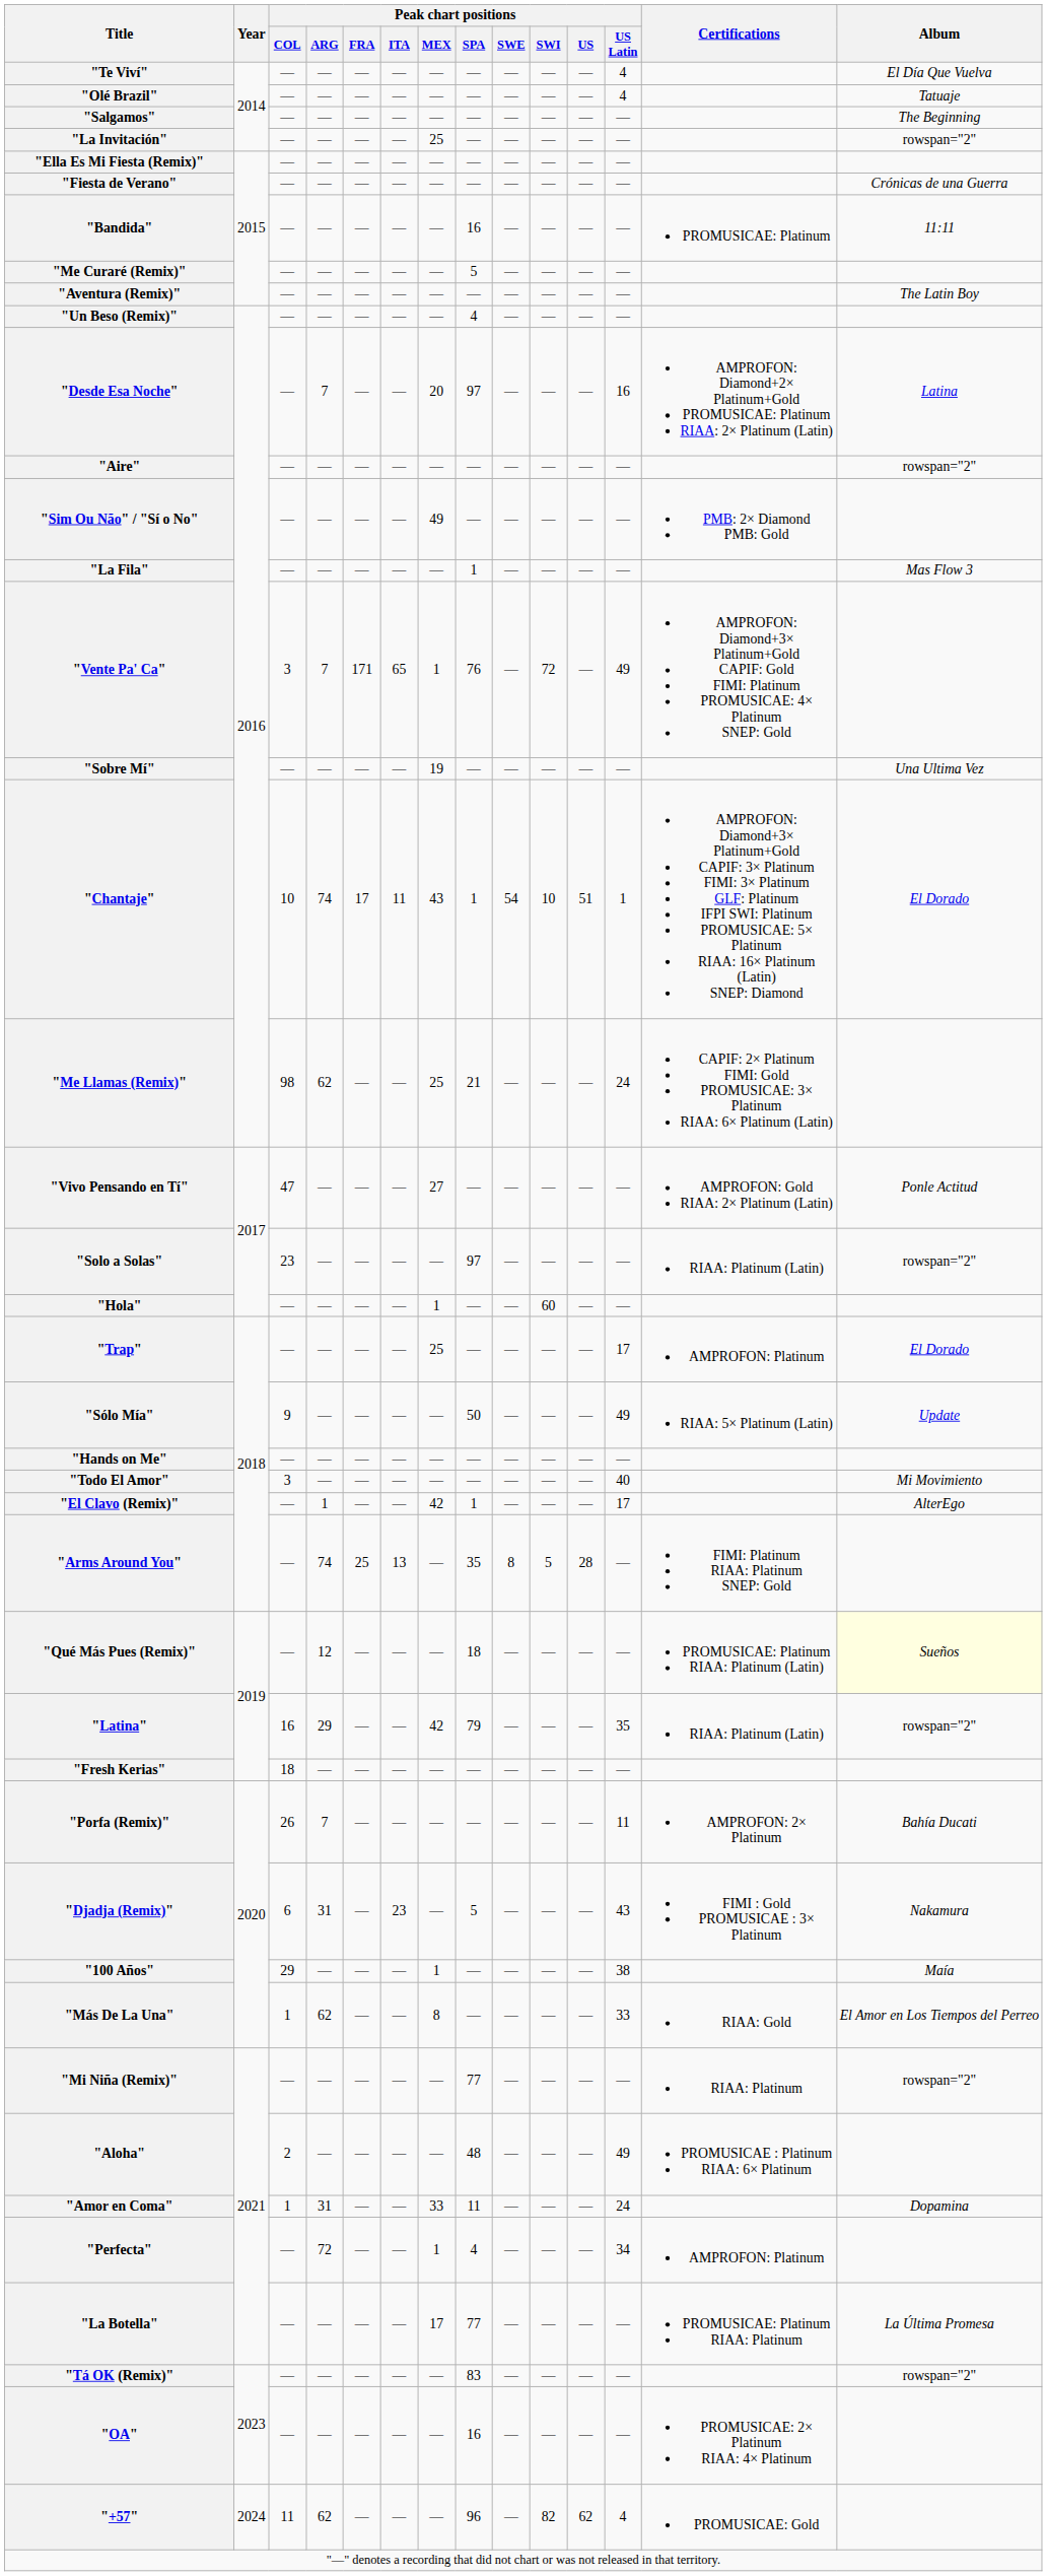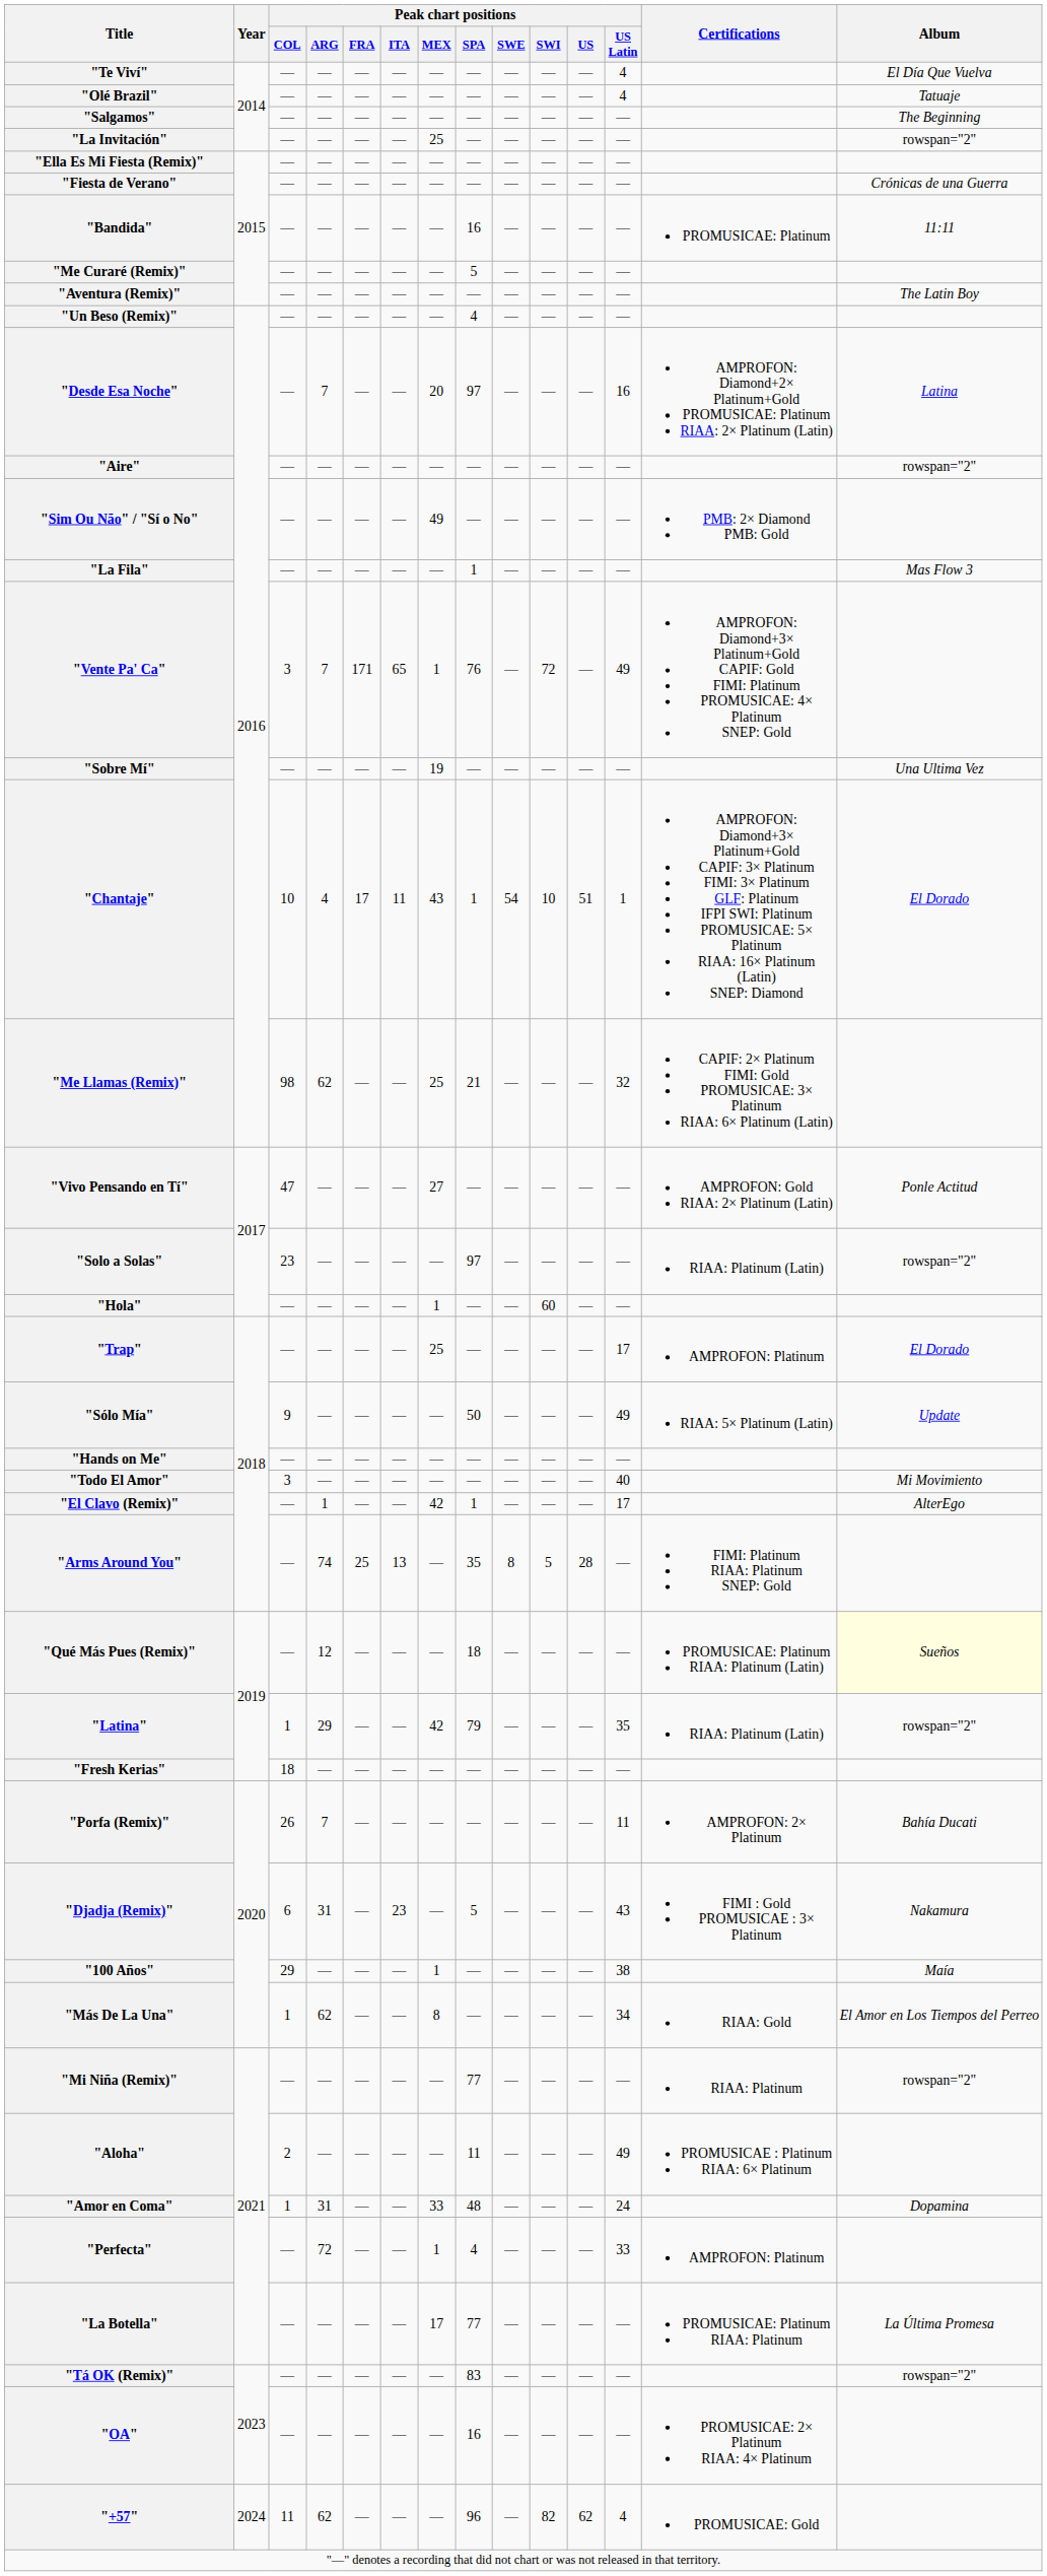 <table class="wikitable plainrowheaders" style="text-align:center;">
 <tr>
 <th scope="col" rowspan="2" style="width:16em;">Title</th>
 <th scope="col" rowspan="2">Year</th>
 <th scope="col" colspan="10">Peak chart positions</th>
 <th scope="col" rowspan="2" style="width:13.5em;"><a href='#'>Certifications</a></th>
 <th scope="col" rowspan="2">Album</th>
 </tr>
 <tr>
 <th scope="col" style="width:2.5em;font-size:90%;"><a href='#'>COL</a><br></th>
 <th scope="col" style="width:2.5em;font-size:90%;"><a href='#'>ARG</a><br></th>
 <th scope="col" style="width:2.5em;font-size:90%;"><a href='#'>FRA</a><br></th>
 <th scope="col" style="width:2.5em;font-size:90%;"><a href='#'>ITA</a> <br></th>
 <th scope="col" style="width:2.5em;font-size:90%;"><a href='#'>MEX</a><br></th>
 <th scope="col" style="width:2.5em;font-size:90%;"><a href='#'>SPA</a><br></th>
 <th scope="col" style="width:2.5em;font-size:90%;"><a href='#'>SWE</a><br></th>
 <th scope="col" style="width:2.5em;font-size:90%;"><a href='#'>SWI</a><br></th>
 <th scope="col" style="width:2.5em;font-size:90%;"><a href='#'>US</a><br></th>
 <th scope="col" style="width:2.5em;font-size:90%;"><a href='#'>US<br>Latin</a><br></th>
 </tr>
 <tr>
 <th scope="row">"Te Viví"<br></th>
 <td rowspan="4">2014</td>
 <td>—</td>
 <td>—</td>
 <td>—</td>
 <td>—</td>
 <td>—</td>
 <td>—</td>
 <td>—</td>
 <td>—</td>
 <td>—</td>
 <td>4</td>
 <td></td>
 <td><em>El Día Que Vuelva</em></td>
 </tr>
 <tr>
 <th scope="row">"Olé Brazil"<br></th>
 <td>—</td>
 <td>—</td>
 <td>—</td>
 <td>—</td>
 <td>—</td>
 <td>—</td>
 <td>—</td>
 <td>—</td>
 <td>—</td>
 <td>4</td>
 <td></td>
 <td><em>Tatuaje</em></td>
 </tr>
 <tr>
 <th scope="row">"Salgamos"<br></th>
 <td>—</td>
 <td>—</td>
 <td>—</td>
 <td>—</td>
 <td>—</td>
 <td>—</td>
 <td>—</td>
 <td>—</td>
 <td>—</td>
 <td>—</td>
 <td></td>
 <td><em>The Beginning</em></td>
 </tr>
 <tr>
 <th scope="row">"La Invitación"<br></th>
 <td>—</td>
 <td>—</td>
 <td>—</td>
 <td>—</td>
 <td>25</td>
 <td>—</td>
 <td>—</td>
 <td>—</td>
 <td>—</td>
 <td>—</td>
 <td></td>
 <td>rowspan="2" </td>
 </tr>
 <tr>
 <th scope="row">"Ella Es Mi Fiesta (Remix)"<br></th>
 <td rowspan="5">2015</td>
 <td>—</td>
 <td>—</td>
 <td>—</td>
 <td>—</td>
 <td>—</td>
 <td>—</td>
 <td>—</td>
 <td>—</td>
 <td>—</td>
 <td>—</td>
 <td></td>
 </tr>
 <tr>
 <th scope="row">"Fiesta de Verano"<br></th>
 <td>—</td>
 <td>—</td>
 <td>—</td>
 <td>—</td>
 <td>—</td>
 <td>—</td>
 <td>—</td>
 <td>—</td>
 <td>—</td>
 <td>—</td>
 <td></td>
 <td><em>Crónicas de una Guerra</em></td>
 </tr>
 <tr>
 <th scope="row">"Bandida"<br></th>
 <td>—</td>
 <td>—</td>
 <td>—</td>
 <td>—</td>
 <td>—</td>
 <td>16</td>
 <td>—</td>
 <td>—</td>
 <td>—</td>
 <td>—</td>
 <td><br><ul><li>PROMUSICAE: Platinum</li></ul></td>
 <td><em>11:11</em></td>
 </tr>
 <tr>
 <th scope="row">"Me Curaré (Remix)"<br></th>
 <td>—</td>
 <td>—</td>
 <td>—</td>
 <td>—</td>
 <td>—</td>
 <td>5</td>
 <td>—</td>
 <td>—</td>
 <td>—</td>
 <td>—</td>
 <td></td>
 <td></td>
 </tr>
 <tr>
 <th scope="row">"Aventura (Remix)"<br></th>
 <td>—</td>
 <td>—</td>
 <td>—</td>
 <td>—</td>
 <td>—</td>
 <td>—</td>
 <td>—</td>
 <td>—</td>
 <td>—</td>
 <td>—</td>
 <td></td>
 <td><em>The Latin Boy</em></td>
 </tr>
 <tr>
 <th scope="row">"Un Beso (Remix)"<br></th>
 <td rowspan="9">2016</td>
 <td>—</td>
 <td>—</td>
 <td>—</td>
 <td>—</td>
 <td>—</td>
 <td>4</td>
 <td>—</td>
 <td>—</td>
 <td>—</td>
 <td>—</td>
 <td></td>
 <td></td>
 </tr>
 <tr>
 <th scope="row">"<a href='#'>Desde Esa Noche</a>"<br></th>
 <td>—</td>
 <td>7</td>
 <td>—</td>
 <td>—</td>
 <td>20</td>
 <td>97</td>
 <td>—</td>
 <td>—</td>
 <td>—</td>
 <td>16</td>
 <td><br><ul><li>AMPROFON: Diamond+2× Platinum+Gold</li><li>PROMUSICAE: Platinum</li><li><a href='#'>RIAA</a>: 2× Platinum (Latin)</li></ul></td>
 <td><em><a href='#'>Latina</a></em></td>
 </tr>
 <tr>
 <th scope="row">"Aire"<br></th>
 <td>—</td>
 <td>—</td>
 <td>—</td>
 <td>—</td>
 <td>—</td>
 <td>—</td>
 <td>—</td>
 <td>—</td>
 <td>—</td>
 <td>—</td>
 <td></td>
 <td>rowspan="2" </td>
 </tr>
 <tr>
 <th scope="row">"<a href='#'>Sim Ou Não</a>" / "Sí o No"<br></th>
 <td>—</td>
 <td>—</td>
 <td>—</td>
 <td>—</td>
 <td>49</td>
 <td>—</td>
 <td>—</td>
 <td>—</td>
 <td>—</td>
 <td>—</td>
 <td><br><ul><li><a href='#'>PMB</a>: 2× Diamond </li><li>PMB: Gold </li></ul></td>
 </tr>
 <tr>
 <th scope="row">"La Fila"<br></th>
 <td>—</td>
 <td>—</td>
 <td>—</td>
 <td>—</td>
 <td>—</td>
 <td>1</td>
 <td>—</td>
 <td>—</td>
 <td>—</td>
 <td>—</td>
 <td></td>
 <td><em>Mas Flow 3</em></td>
 </tr>
 <tr>
 <th scope="row">"<a href='#'>Vente Pa' Ca</a>"<br></th>
 <td>3</td>
 <td>7</td>
 <td>171</td>
 <td>65</td>
 <td>1</td>
 <td>76</td>
 <td>—</td>
 <td>72</td>
 <td>—</td>
 <td>49</td>
 <td><br><ul><li>AMPROFON: Diamond+3× Platinum+Gold</li><li>CAPIF: Gold</li><li>FIMI: Platinum</li><li>PROMUSICAE: 4× Platinum</li><li>SNEP: Gold</li></ul></td>
 <td></td>
 </tr>
 <tr>
 <th scope="row">"Sobre Mí"<br></th>
 <td>—</td>
 <td>—</td>
 <td>—</td>
 <td>—</td>
 <td>19</td>
 <td>—</td>
 <td>—</td>
 <td>—</td>
 <td>—</td>
 <td>—</td>
 <td></td>
 <td><em>Una Ultima Vez</em></td>
 </tr>
 <tr>
 <th scope="row">"<a href='#'>Chantaje</a>"<br></th>
 <td>10</td>
-<td>74</td>
+<td>4</td>
 <td>17</td>
 <td>11</td>
 <td>43</td>
 <td>1</td>
 <td>54</td>
 <td>10</td>
 <td>51</td>
 <td>1</td>
 <td><br><ul><li>AMPROFON: Diamond+3× Platinum+Gold</li><li>CAPIF: 3× Platinum</li><li>FIMI: 3× Platinum</li><li><a href='#'>GLF</a>: Platinum</li><li>IFPI SWI: Platinum</li><li>PROMUSICAE: 5× Platinum</li><li>RIAA: 16× Platinum (Latin)</li><li>SNEP: Diamond</li></ul></td>
 <td><em><a href='#'>El Dorado</a></em></td>
 </tr>
 <tr>
 <th scope="row">"<a href='#'>Me Llamas (Remix)</a>"<br></th>
 <td>98</td>
 <td>62</td>
 <td>—</td>
 <td>—</td>
 <td>25</td>
 <td>21</td>
 <td>—</td>
 <td>—</td>
 <td>—</td>
-<td>24</td>
+<td>32</td>
 <td><br><ul><li>CAPIF: 2× Platinum</li><li>FIMI: Gold</li><li>PROMUSICAE: 3× Platinum</li><li>RIAA: 6× Platinum (Latin)</li></ul></td>
 <td></td>
 </tr>
 <tr>
 <th scope="row">"Vivo Pensando en Tí"<br></th>
 <td rowspan="3">2017</td>
 <td>47</td>
 <td>—</td>
 <td>—</td>
 <td>—</td>
 <td>27</td>
 <td>—</td>
 <td>—</td>
 <td>—</td>
 <td>—</td>
 <td>—</td>
 <td><br><ul><li>AMPROFON: Gold</li><li>RIAA: 2× Platinum (Latin)</li></ul></td>
 <td><em>Ponle Actitud</em></td>
 </tr>
 <tr>
 <th scope="row">"Solo a Solas"<br></th>
 <td>23</td>
 <td>—</td>
 <td>—</td>
 <td>—</td>
 <td>—</td>
 <td>97</td>
 <td>—</td>
 <td>—</td>
 <td>—</td>
 <td>—</td>
 <td><br><ul><li>RIAA: Platinum (Latin)</li></ul></td>
 <td>rowspan="2" </td>
 </tr>
 <tr>
 <th scope="row">"Hola"<br></th>
 <td>—</td>
 <td>—</td>
 <td>—</td>
 <td>—</td>
 <td>1</td>
 <td>—</td>
 <td>—</td>
 <td>60</td>
 <td>—</td>
 <td>—</td>
 <td></td>
 </tr>
 <tr>
 <th scope="row">"<a href='#'>Trap</a>"<br></th>
 <td rowspan="6">2018</td>
 <td>—</td>
 <td>—</td>
 <td>—</td>
 <td>—</td>
 <td>25</td>
 <td>—</td>
 <td>—</td>
 <td>—</td>
 <td>—</td>
 <td>17</td>
 <td><br><ul><li>AMPROFON: Platinum</li></ul></td>
 <td><em><a href='#'>El Dorado</a></em></td>
 </tr>
 <tr>
 <th scope="row">"Sólo Mía"<br></th>
 <td>9</td>
 <td>—</td>
 <td>—</td>
 <td>—</td>
 <td>—</td>
 <td>50</td>
 <td>—</td>
 <td>—</td>
 <td>—</td>
 <td>49</td>
 <td><br><ul><li>RIAA: 5× Platinum (Latin)</li></ul></td>
 <td><em><a href='#'>Update</a></em></td>
 </tr>
 <tr>
 <th scope="row">"Hands on Me"<br></th>
 <td>—</td>
 <td>—</td>
 <td>—</td>
 <td>—</td>
 <td>—</td>
 <td>—</td>
 <td>—</td>
 <td>—</td>
 <td>—</td>
 <td>—</td>
 <td></td>
 <td></td>
 </tr>
 <tr>
 <th scope="row">"Todo El Amor"<br></th>
 <td>3</td>
 <td>—</td>
 <td>—</td>
 <td>—</td>
 <td>—</td>
 <td>—</td>
 <td>—</td>
 <td>—</td>
 <td>—</td>
 <td>40</td>
 <td></td>
 <td><em>Mi Movimiento</em></td>
 </tr>
 <tr>
 <th scope="row">"<a href='#'>El Clavo</a> (Remix)"<br></th>
 <td>—</td>
 <td>1</td>
 <td>—</td>
 <td>—</td>
 <td>42</td>
 <td>1</td>
 <td>—</td>
 <td>—</td>
 <td>—</td>
 <td>17</td>
 <td></td>
 <td><em>AlterEgo</em></td>
 </tr>
 <tr>
 <th scope="row">"<a href='#'>Arms Around You</a>"<br></th>
 <td>—</td>
 <td>74</td>
 <td>25</td>
 <td>13</td>
 <td>—</td>
 <td>35</td>
 <td>8</td>
 <td>5</td>
 <td>28</td>
 <td>—</td>
 <td><br><ul><li>FIMI: Platinum</li><li>RIAA: Platinum</li><li>SNEP: Gold</li></ul></td>
 <td></td>
 </tr>
 <tr>
 <th scope="row">"Qué Más Pues (Remix)"<br></th>
 <td rowspan="3">2019</td>
 <td>—</td>
 <td>12</td>
 <td>—</td>
 <td>—</td>
 <td>—</td>
 <td>18</td>
 <td>—</td>
 <td>—</td>
 <td>—</td>
 <td>—</td>
 <td><br><ul><li>PROMUSICAE: Platinum</li><li>RIAA: Platinum (Latin)</li></ul></td>
 <td style="background: lightyellow;"><em>Sueños</em></td>
 </tr>
 <tr>
 <th scope="row">"<a href='#'>Latina</a>"<br></th>
-<td>16</td>
+<td>1</td>
 <td>29</td>
 <td>—</td>
 <td>—</td>
 <td>42</td>
 <td>79</td>
 <td>—</td>
 <td>—</td>
 <td>—</td>
 <td>35</td>
 <td><br><ul><li>RIAA: Platinum (Latin)</li></ul></td>
 <td>rowspan="2" </td>
 </tr>
 <tr>
 <th scope="row">"Fresh Kerias"<br></th>
 <td>18</td>
 <td>—</td>
 <td>—</td>
 <td>—</td>
 <td>—</td>
 <td>—</td>
 <td>—</td>
 <td>—</td>
 <td>—</td>
 <td>—</td>
 <td></td>
 </tr>
 <tr>
 <th scope="row">"Porfa (Remix)"<br></th>
 <td rowspan="4">2020</td>
 <td>26</td>
 <td>7</td>
 <td>—</td>
 <td>—</td>
 <td>—</td>
 <td>—</td>
 <td>—</td>
 <td>—</td>
 <td>—</td>
 <td>11</td>
 <td><br><ul><li>AMPROFON: 2× Platinum</li></ul></td>
 <td><em>Bahía Ducati</em></td>
 </tr>
 <tr>
 <th scope="row">"<a href='#'>Djadja (Remix)</a>"<br></th>
 <td>6</td>
 <td>31</td>
 <td>—</td>
 <td>23</td>
 <td>—</td>
 <td>5</td>
 <td>—</td>
 <td>—</td>
 <td>—</td>
 <td>43</td>
 <td><br><ul><li>FIMI : Gold</li><li>PROMUSICAE : 3× Platinum</li></ul></td>
 <td><em>Nakamura</em></td>
 </tr>
 <tr>
 <th scope="row">"100 Años"<br></th>
 <td>29</td>
 <td>—</td>
 <td>—</td>
 <td>—</td>
 <td>1</td>
 <td>—</td>
 <td>—</td>
 <td>—</td>
 <td>—</td>
 <td>38</td>
 <td></td>
 <td><em>Maía</em></td>
 </tr>
 <tr>
 <th scope="row">"Más De La Una"<br></th>
 <td>1</td>
 <td>62</td>
 <td>—</td>
 <td>—</td>
 <td>8</td>
 <td>—</td>
 <td>—</td>
 <td>—</td>
 <td>—</td>
-<td>33</td>
+<td>34</td>
 <td><br><ul><li>RIAA: Gold </li></ul></td>
 <td><em>El Amor en Los Tiempos del Perreo</em></td>
 </tr>
 <tr>
 <th scope="row">"Mi Niña (Remix)"<br></th>
 <td rowspan="5">2021</td>
 <td>—</td>
 <td>—</td>
 <td>—</td>
 <td>—</td>
 <td>—</td>
 <td>77</td>
 <td>—</td>
 <td>—</td>
 <td>—</td>
 <td>—</td>
 <td><br><ul><li>RIAA: Platinum </li></ul></td>
 <td>rowspan="2" </td>
 </tr>
 <tr>
 <th scope="row">"Aloha"<br></th>
 <td>2</td>
 <td>—</td>
 <td>—</td>
 <td>—</td>
 <td>—</td>
-<td>48</td>
+<td>11</td>
 <td>—</td>
 <td>—</td>
 <td>—</td>
 <td>49</td>
 <td><br><ul><li>PROMUSICAE : Platinum</li><li>RIAA: 6× Platinum </li></ul></td>
 </tr>
 <tr>
 <th scope="row">"Amor en Coma"<br></th>
 <td>1</td>
 <td>31</td>
 <td>—</td>
 <td>—</td>
 <td>33</td>
-<td>11</td>
+<td>48</td>
 <td>—</td>
 <td>—</td>
 <td>—</td>
 <td>24</td>
 <td></td>
 <td><em>Dopamina</em></td>
 </tr>
 <tr>
 <th scope="row">"Perfecta"<br></th>
 <td>—</td>
 <td>72</td>
 <td>—</td>
 <td>—</td>
 <td>1</td>
 <td>4</td>
 <td>—</td>
 <td>—</td>
 <td>—</td>
-<td>34</td>
+<td>33</td>
 <td><br><ul><li>AMPROFON: Platinum</li></ul></td>
 <td></td>
 </tr>
 <tr>
 <th scope="row">"La Botella"<br></th>
 <td>—</td>
 <td>—</td>
 <td>—</td>
 <td>—</td>
 <td>17</td>
 <td>77</td>
 <td>—</td>
 <td>—</td>
 <td>—</td>
 <td>—</td>
 <td><br><ul><li>PROMUSICAE: Platinum</li><li>RIAA: Platinum </li></ul></td>
 <td><em>La Última Promesa</em></td>
 </tr>
 <tr>
 <th scope="row">"<a href='#'>Tá OK</a> (Remix)"<br></th>
 <td rowspan="2">2023</td>
 <td>—</td>
 <td>—</td>
 <td>—</td>
 <td>—</td>
 <td>—</td>
 <td>83</td>
 <td>—</td>
 <td>—</td>
 <td>—</td>
 <td>—</td>
 <td></td>
 <td>rowspan="2" </td>
 </tr>
 <tr>
 <th scope="row">"<a href='#'>OA</a>"<br></th>
 <td>—</td>
 <td>—</td>
 <td>—</td>
 <td>—</td>
 <td>—</td>
 <td>16</td>
 <td>—</td>
 <td>—</td>
 <td>—</td>
 <td>—</td>
 <td><br><ul><li>PROMUSICAE: 2× Platinum</li><li>RIAA: 4× Platinum </li></ul></td>
 </tr>
 <tr>
 <th scope="row">"<a href='#'>+57</a>"<br></th>
 <td>2024</td>
 <td>11</td>
 <td>62</td>
 <td>—</td>
 <td>—</td>
 <td>—</td>
 <td>96</td>
 <td>—</td>
 <td>82</td>
 <td>62</td>
 <td>4</td>
 <td><br><ul><li>PROMUSICAE: Gold</li></ul></td>
 <td></td>
 </tr>
 <tr>
 <td colspan="14" style="font-size:90%">"—" denotes a recording that did not chart or was not released in that territory.</td>
 </tr>
 </table>
